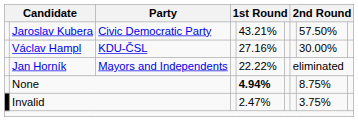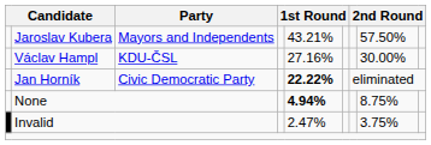 <table class="wikitable">
 <tr>
 <th colspan=2>Candidate</th>
 <th>Party</th>
 <th colspan=3>1st Round</th>
 <th colspan=3>2nd Round</th>
 </tr>
 <tr>
 <td style="background:"></td>
 <td><a href='#'>Jaroslav Kubera</a></td>
-<td><a href='#'>Civic Democratic Party</a></td>
+<td><a href='#'>Mayors and Independents</a></td>
 <td></td>
 <td>43.21%</td>
 <td></td>
 <td></td>
 <td>57.50%</td>
 <td></td>
 </tr>
 <tr>
 <td style="background:"></td>
 <td><a href='#'>Václav Hampl</a></td>
 <td><a href='#'>KDU-ČSL</a></td>
 <td></td>
 <td>27.16%</td>
 <td></td>
 <td></td>
 <td>30.00%</td>
 <td></td>
 </tr>
 <tr>
 <td style="background:"></td>
 <td><a href='#'>Jan Horník</a></td>
-<td><a href='#'>Mayors and Independents</a></td>
+<td><a href='#'>Civic Democratic Party</a></td>
 <td></td>
-<td>22.22%</td>
+<td><strong>22.22%</strong></td>
 <td></td>
 <td colspan="3">eliminated</td>
 </tr>
 <tr>
 <td style="background:"></td>
 <td colspan=2>None</td>
 <td></td>
 <td><strong>4.94%</strong></td>
 <td></td>
 <td></td>
 <td>8.75%</td>
 <td></td>
 </tr>
 <tr>
 <td style="background:#000000;"></td>
 <td colspan=2>Invalid</td>
 <td></td>
 <td>2.47%</td>
 <td></td>
 <td></td>
 <td>3.75%</td>
 <td></td>
 </tr>
 <tr>
 <td colspan=9></td>
 </tr>
 </table>
